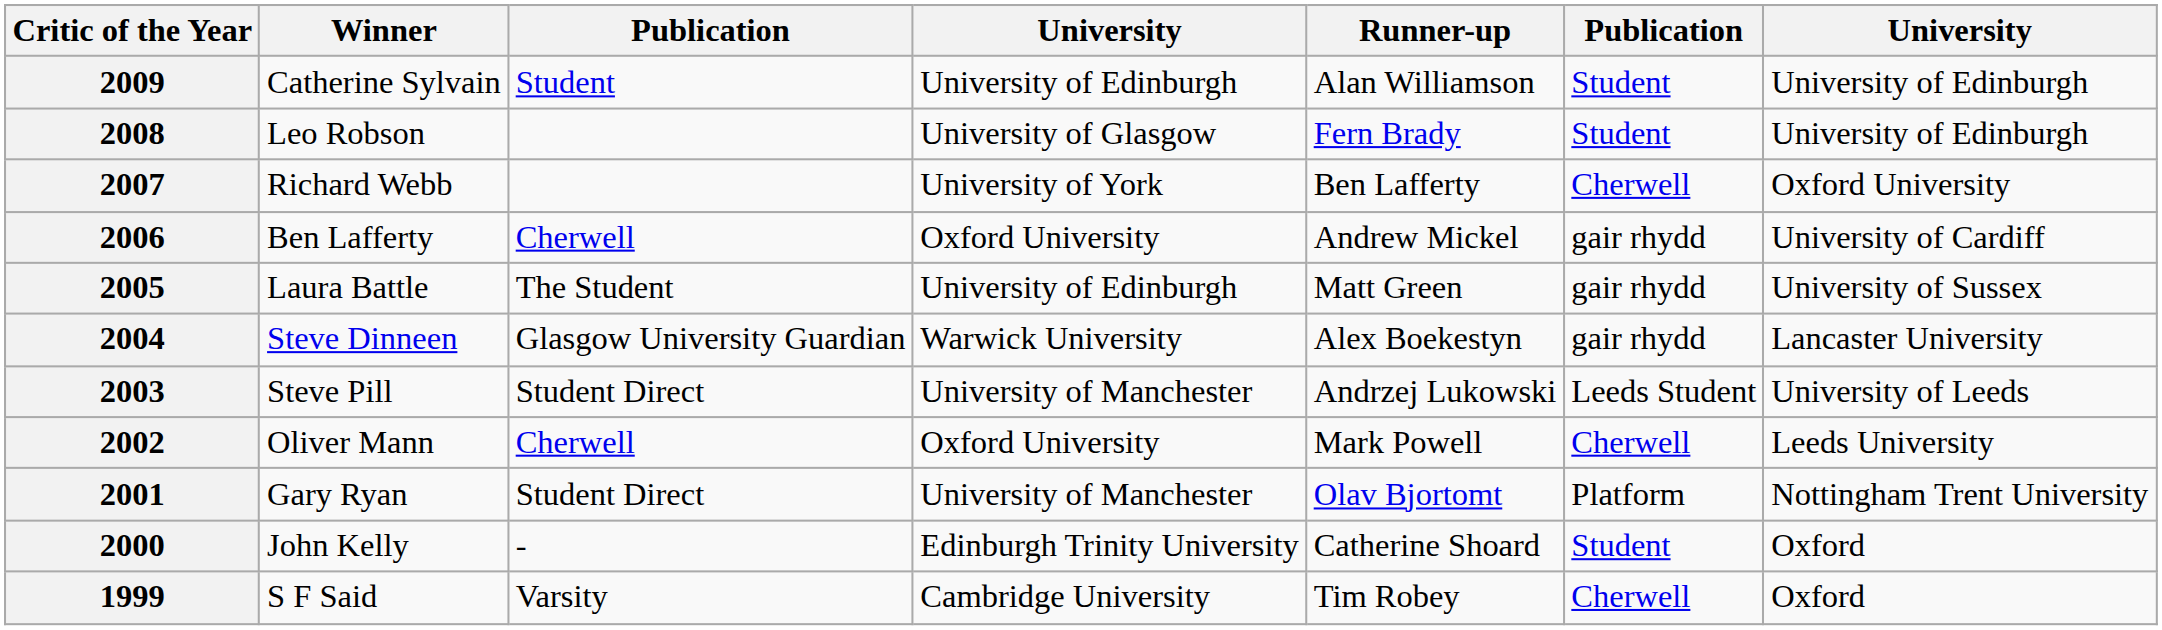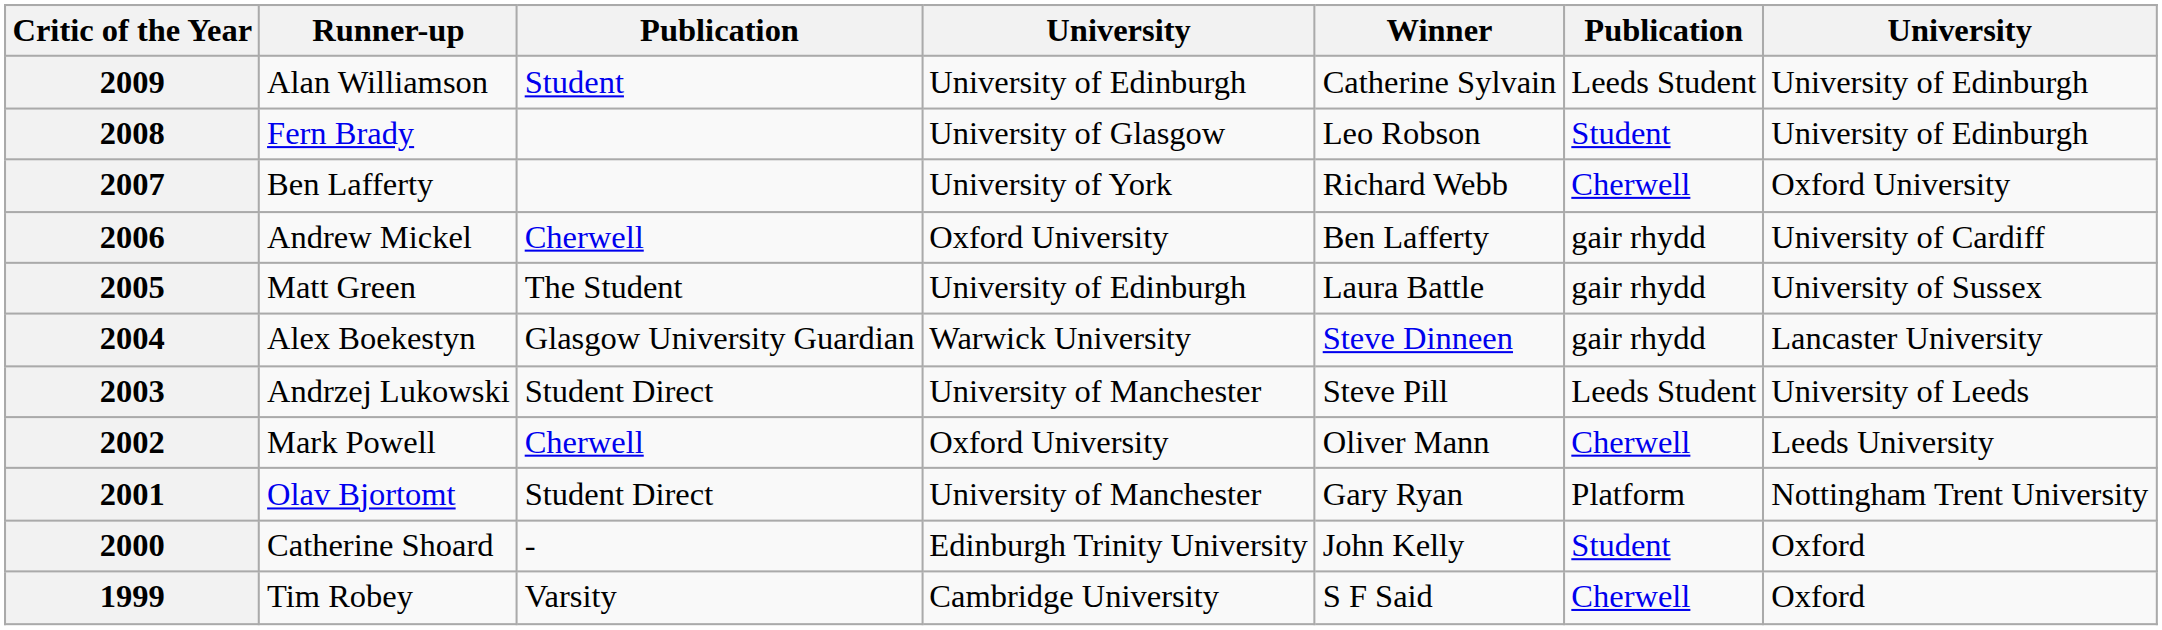 <table class="wikitable" style="font-align: center">
 <tr>
 <th>Critic of the Year</th>
-<th>Winner</th>
+<th>Runner-up</th>
 <th>Publication</th>
 <th>University</th>
-<th>Runner-up</th>
+<th>Winner</th>
 <th>Publication</th>
 <th>University</th>
 </tr>
 <tr>
 <th>2009</th>
-<td>Catherine Sylvain</td>
+<td>Alan Williamson</td>
 <td><a href='#'>Student</a></td>
 <td>University of Edinburgh</td>
-<td>Alan Williamson</td>
-<td><a href='#'>Student</a></td>
+<td>Catherine Sylvain</td>
+<td>Leeds Student</td>
 <td>University of Edinburgh</td>
 </tr>
 <tr>
 <th>2008</th>
-<td>Leo Robson</td>
+<td><a href='#'>Fern Brady</a></td>
 <td></td>
 <td>University of Glasgow</td>
-<td><a href='#'>Fern Brady</a></td>
+<td>Leo Robson</td>
 <td><a href='#'>Student</a></td>
 <td>University of Edinburgh</td>
 </tr>
 <tr>
 <th>2007</th>
-<td>Richard Webb</td>
+<td>Ben Lafferty</td>
 <td></td>
 <td>University of York</td>
-<td>Ben Lafferty</td>
+<td>Richard Webb</td>
 <td><a href='#'>Cherwell</a></td>
 <td>Oxford University</td>
 </tr>
 <tr>
 <th>2006</th>
-<td>Ben Lafferty</td>
+<td>Andrew Mickel</td>
 <td><a href='#'>Cherwell</a></td>
 <td>Oxford University</td>
-<td>Andrew Mickel</td>
+<td>Ben Lafferty</td>
 <td>gair rhydd</td>
 <td>University of Cardiff</td>
 </tr>
 <tr>
 <th>2005</th>
-<td>Laura Battle</td>
+<td>Matt Green</td>
 <td>The Student</td>
 <td>University of Edinburgh</td>
-<td>Matt Green</td>
+<td>Laura Battle</td>
 <td>gair rhydd</td>
 <td>University of Sussex</td>
 </tr>
 <tr>
 <th>2004</th>
-<td><a href='#'>Steve Dinneen</a></td>
+<td>Alex Boekestyn</td>
 <td>Glasgow University Guardian</td>
 <td>Warwick University</td>
-<td>Alex Boekestyn</td>
+<td><a href='#'>Steve Dinneen</a></td>
 <td>gair rhydd</td>
 <td>Lancaster University</td>
 </tr>
 <tr>
 <th>2003</th>
-<td>Steve Pill</td>
+<td>Andrzej Lukowski</td>
 <td>Student Direct</td>
 <td>University of Manchester</td>
-<td>Andrzej Lukowski</td>
+<td>Steve Pill</td>
 <td>Leeds Student</td>
 <td>University of Leeds</td>
 </tr>
 <tr>
 <th>2002</th>
-<td>Oliver Mann</td>
+<td>Mark Powell</td>
 <td><a href='#'>Cherwell</a></td>
 <td>Oxford University</td>
-<td>Mark Powell</td>
+<td>Oliver Mann</td>
 <td><a href='#'>Cherwell</a></td>
 <td>Leeds University</td>
 </tr>
 <tr>
 <th>2001</th>
-<td>Gary Ryan</td>
+<td><a href='#'>Olav Bjortomt</a></td>
 <td>Student Direct</td>
 <td>University of Manchester</td>
-<td><a href='#'>Olav Bjortomt</a></td>
+<td>Gary Ryan</td>
 <td>Platform</td>
 <td>Nottingham Trent University</td>
 </tr>
 <tr>
 <th>2000</th>
-<td>John Kelly</td>
+<td>Catherine Shoard</td>
 <td>-</td>
 <td>Edinburgh Trinity University</td>
-<td>Catherine Shoard</td>
+<td>John Kelly</td>
 <td><a href='#'>Student</a></td>
 <td>Oxford</td>
 </tr>
 <tr>
 <th>1999</th>
-<td>S F Said</td>
+<td>Tim Robey</td>
 <td>Varsity</td>
 <td>Cambridge University</td>
-<td>Tim Robey</td>
+<td>S F Said</td>
 <td><a href='#'>Cherwell</a></td>
 <td>Oxford</td>
 </tr>
 </table>
